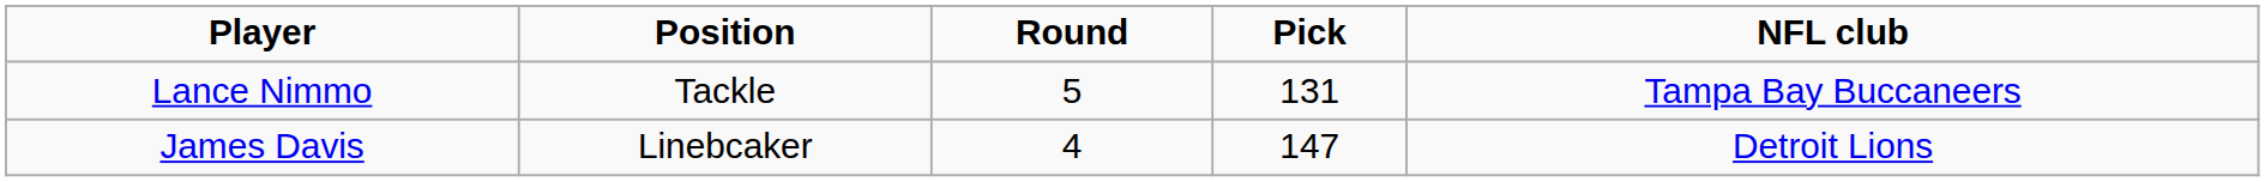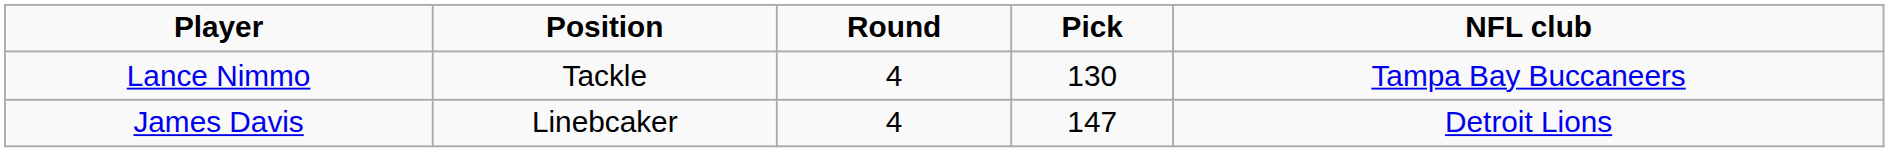 <table class="wikitable" width="80%">
 <tr align="center">
 <td><strong>Player</strong></td>
 <td><strong>Position</strong></td>
 <td><strong>Round</strong></td>
 <td><strong>Pick</strong></td>
 <td><strong>NFL club</strong></td>
 </tr>
 <tr align="center" bgcolor="">
 <td><a href='#'>Lance Nimmo</a></td>
 <td>Tackle</td>
-<td>5</td>
-<td>131</td>
+<td>4</td>
+<td>130</td>
 <td><a href='#'>Tampa Bay Buccaneers</a></td>
 </tr>
 <tr align="center" bgcolor="">
 <td><a href='#'>James Davis</a></td>
 <td>Linebcaker</td>
 <td>4</td>
 <td>147</td>
 <td><a href='#'>Detroit Lions</a></td>
 </tr>
 </table>
